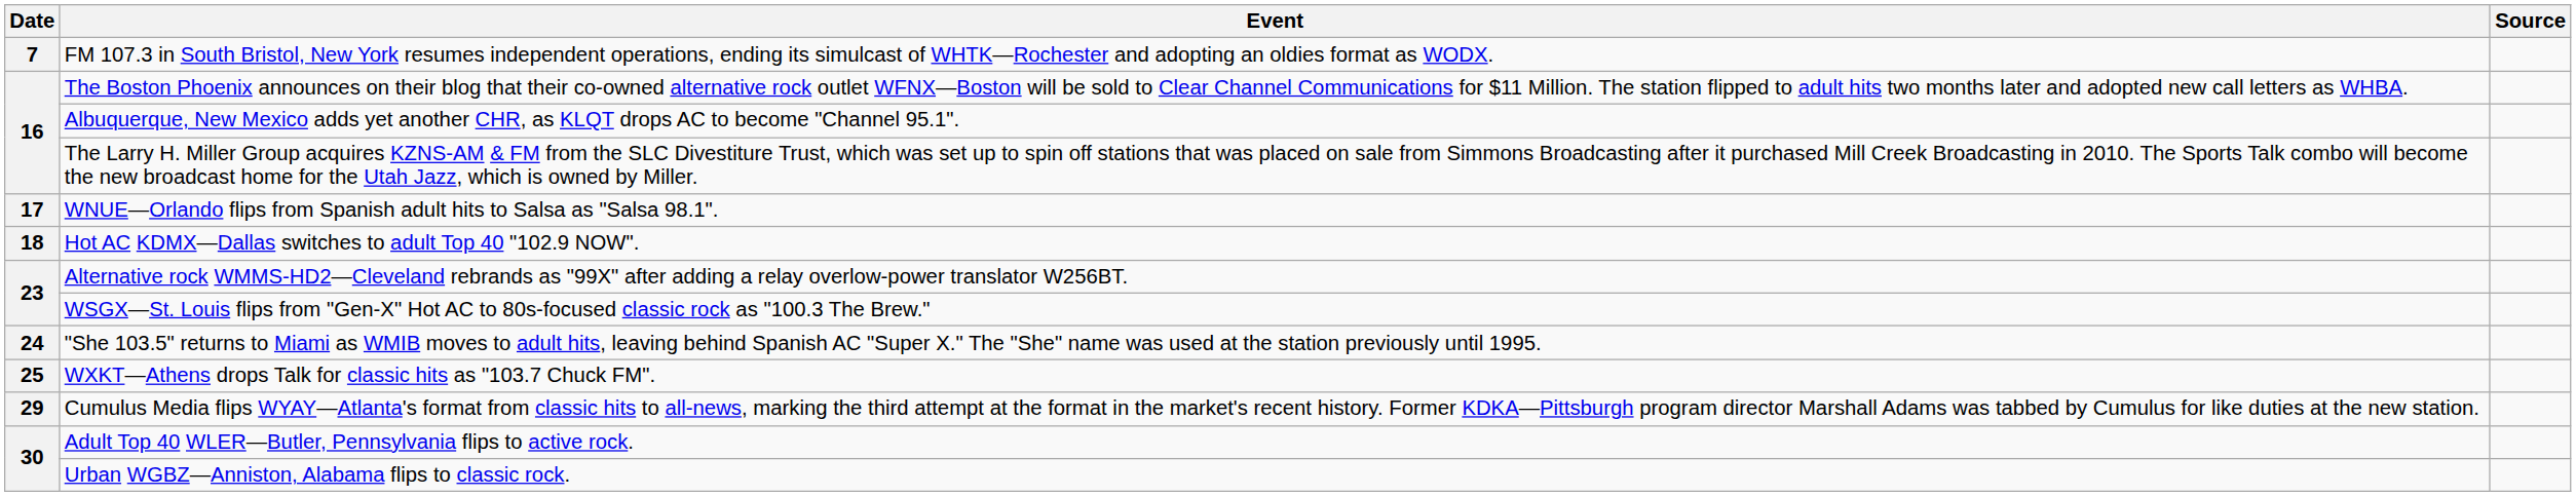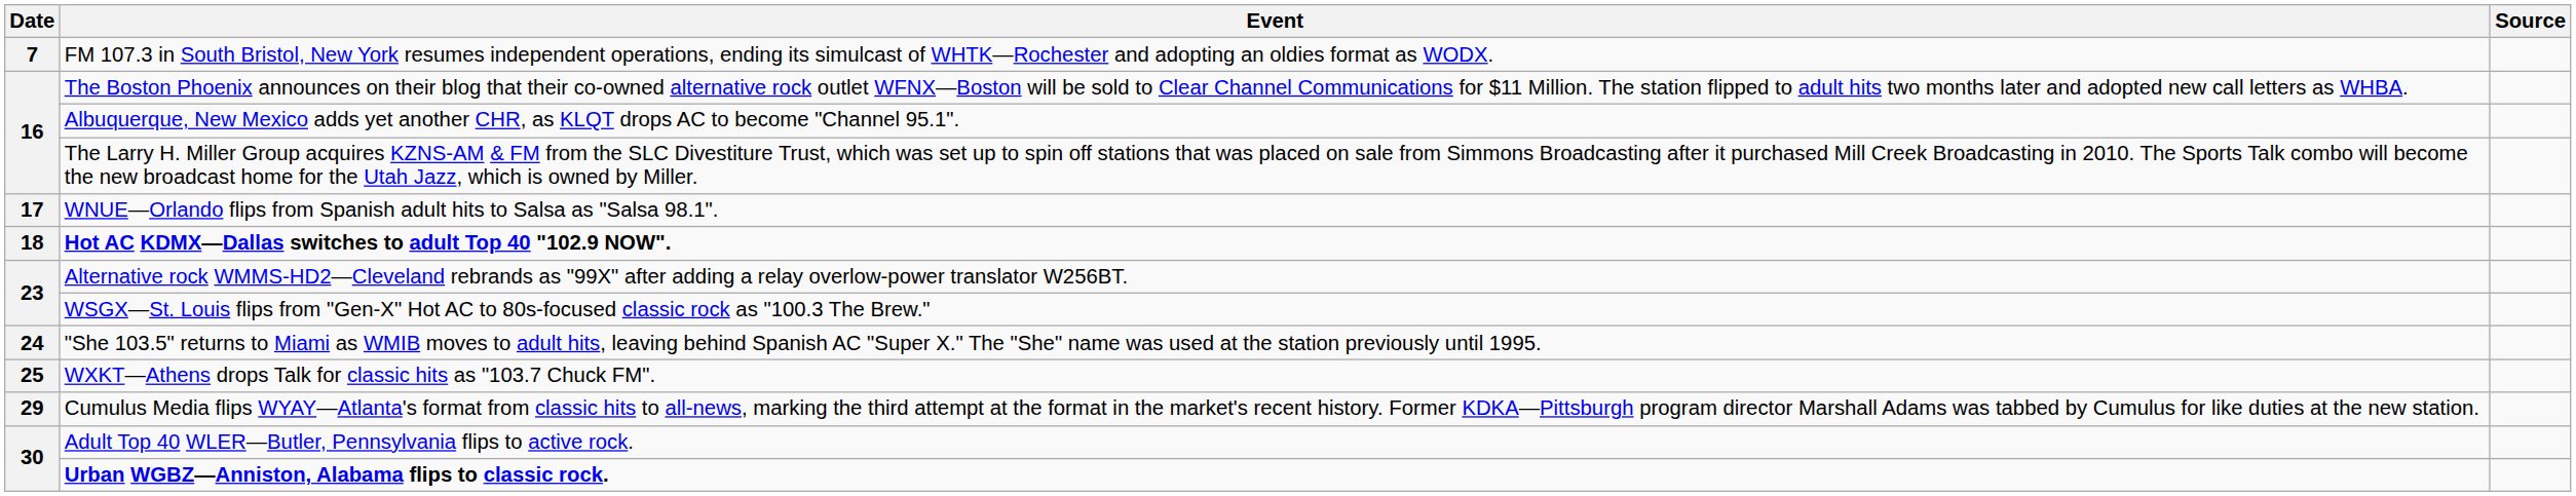 <table class=wikitable>
 <tr>
 <th>Date</th>
 <th>Event</th>
 <th>Source</th>
 </tr>
 <tr>
 <th>7</th>
 <td>FM 107.3 in <a href='#'>South Bristol, New York</a> resumes independent operations, ending its simulcast of <a href='#'>WHTK</a>—<a href='#'>Rochester</a> and adopting an oldies format as <a href='#'>WODX</a>.</td>
 <td></td>
 </tr>
 <tr>
 <th rowspan="3">16</th>
 <td><a href='#'>The Boston Phoenix</a> announces on their blog that their co-owned <a href='#'>alternative rock</a> outlet <a href='#'>WFNX</a>—<a href='#'>Boston</a> will be sold to <a href='#'>Clear Channel Communications</a> for $11 Million. The station flipped to <a href='#'>adult hits</a> two months later and adopted new call letters as <a href='#'>WHBA</a>.</td>
 <td></td>
 </tr>
 <tr>
 <td><a href='#'>Albuquerque, New Mexico</a> adds yet another <a href='#'>CHR</a>, as <a href='#'>KLQT</a> drops AC to become "Channel 95.1".</td>
 <td></td>
 </tr>
 <tr>
 <td>The Larry H. Miller Group acquires <a href='#'>KZNS-AM</a> <a href='#'>& FM</a> from the SLC Divestiture Trust, which was set up to spin off stations that was placed on sale from Simmons Broadcasting after it purchased Mill Creek Broadcasting in 2010. The Sports Talk combo will become the new broadcast home for the <a href='#'>Utah Jazz</a>, which is owned by Miller.</td>
 <td></td>
 </tr>
 <tr>
 <th>17</th>
 <td><a href='#'>WNUE</a>—<a href='#'>Orlando</a> flips from Spanish adult hits to Salsa as "Salsa 98.1".</td>
 <td></td>
 </tr>
 <tr>
 <th>18</th>
-<td><a href='#'>Hot AC</a> <a href='#'>KDMX</a>—<a href='#'>Dallas</a> switches to <a href='#'>adult Top 40</a> "102.9 NOW".</td>
+<td><strong><a href='#'>Hot AC</a> <a href='#'>KDMX</a>—<a href='#'>Dallas</a> switches to <a href='#'>adult Top 40</a> "102.9 NOW".</strong></td>
 <td></td>
 </tr>
 <tr>
 <th rowspan="2">23</th>
 <td><a href='#'>Alternative rock</a> <a href='#'>WMMS-HD2</a>—<a href='#'>Cleveland</a> rebrands as "99X" after adding a relay overlow-power translator W256BT.</td>
 <td></td>
 </tr>
 <tr>
 <td><a href='#'>WSGX</a>—<a href='#'>St. Louis</a> flips from "Gen-X" Hot AC to 80s-focused <a href='#'>classic rock</a> as "100.3 The Brew."</td>
 <td></td>
 </tr>
 <tr>
 <th>24</th>
 <td>"She 103.5" returns to <a href='#'>Miami</a> as <a href='#'>WMIB</a> moves to <a href='#'>adult hits</a>, leaving behind Spanish AC "Super X." The "She" name was used at the station previously until 1995.</td>
 <td></td>
 </tr>
 <tr>
 <th>25</th>
 <td><a href='#'>WXKT</a>—<a href='#'>Athens</a> drops Talk for <a href='#'>classic hits</a> as "103.7 Chuck FM".</td>
 <td></td>
 </tr>
 <tr>
 <th>29</th>
 <td>Cumulus Media flips <a href='#'>WYAY</a>—<a href='#'>Atlanta</a>'s format from <a href='#'>classic hits</a> to <a href='#'>all-news</a>, marking the third attempt at the format in the market's recent history. Former <a href='#'>KDKA</a>—<a href='#'>Pittsburgh</a> program director Marshall Adams was tabbed by Cumulus for like duties at the new station.</td>
 <td></td>
 </tr>
 <tr>
 <th rowspan="2">30</th>
 <td><a href='#'>Adult Top 40</a> <a href='#'>WLER</a>—<a href='#'>Butler, Pennsylvania</a> flips to <a href='#'>active rock</a>.</td>
 <td></td>
 </tr>
 <tr>
-<td><a href='#'>Urban</a> <a href='#'>WGBZ</a>—<a href='#'>Anniston, Alabama</a> flips to <a href='#'>classic rock</a>.</td>
+<td><strong><a href='#'>Urban</a> <a href='#'>WGBZ</a>—<a href='#'>Anniston, Alabama</a> flips to <a href='#'>classic rock</a>.</strong></td>
 <td></td>
 </tr>
 </table>
